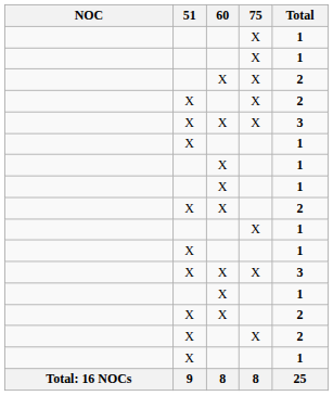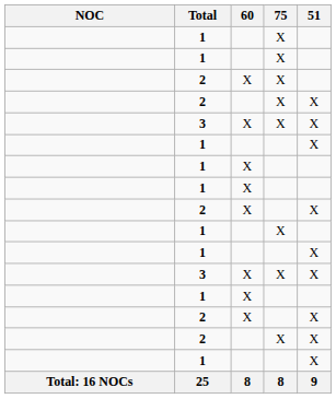 <table class="wikitable" style="text-align:center; font-size:90%">
 <tr>
 <th width=180 align="left">NOC</th>
-<th width=30>51</th>
+<th width=55>Total</th>
 <th width=30>60</th>
 <th width=30>75</th>
-<th width=55>Total</th>
+<th width=30>51</th>
 </tr>
 <tr>
 <td align=left></td>
+<td><strong>1</strong></td>
+<td></td>
+<td>X</td>
+<td></td>
+</tr>
+<tr>
+<td align=left></td>
+<td><strong>1</strong></td>
+<td></td>
+<td>X</td>
+<td></td>
+</tr>
+<tr>
+<td align=left></td>
+<td><strong>2</strong></td>
+<td>X</td>
+<td>X</td>
+<td></td>
+</tr>
+<tr>
+<td align=left></td>
+<td><strong>2</strong></td>
+<td></td>
+<td>X</td>
+<td>X</td>
+</tr>
+<tr>
+<td align=left></td>
+<td><strong>3</strong></td>
+<td>X</td>
+<td>X</td>
+<td>X</td>
+</tr>
+<tr>
+<td align=left></td>
+<td><strong>1</strong></td>
 <td></td>
 <td></td>
 <td>X</td>
-<td><strong>1</strong></td>
 </tr>
 <tr>
 <td align=left></td>
+<td><strong>1</strong></td>
+<td>X</td>
+<td></td>
+<td></td>
+</tr>
+<tr>
+<td align=left></td>
+<td><strong>1</strong></td>
+<td>X</td>
+<td></td>
+<td></td>
+</tr>
+<tr>
+<td align=left></td>
+<td><strong>2</strong></td>
+<td>X</td>
+<td></td>
+<td>X</td>
+</tr>
+<tr>
+<td align=left></td>
+<td><strong>1</strong></td>
+<td></td>
+<td>X</td>
+<td></td>
+</tr>
+<tr>
+<td align=left></td>
+<td><strong>1</strong></td>
 <td></td>
 <td></td>
 <td>X</td>
-<td><strong>1</strong></td>
 </tr>
 <tr>
 <td align=left></td>
+<td><strong>3</strong></td>
+<td>X</td>
+<td>X</td>
+<td>X</td>
+</tr>
+<tr>
+<td align=left></td>
+<td><strong>1</strong></td>
+<td>X</td>
+<td></td>
+<td></td>
+</tr>
+<tr>
+<td align=left></td>
+<td><strong>2</strong></td>
+<td>X</td>
+<td></td>
+<td>X</td>
+</tr>
+<tr>
+<td align=left></td>
+<td><strong>2</strong></td>
 <td></td>
 <td>X</td>
 <td>X</td>
-<td><strong>2</strong></td>
 </tr>
 <tr>
 <td align=left></td>
-<td>X</td>
-<td></td>
-<td>X</td>
-<td><strong>2</strong></td>
-</tr>
-<tr>
-<td align=left></td>
-<td>X</td>
-<td>X</td>
-<td>X</td>
-<td><strong>3</strong></td>
-</tr>
-<tr>
-<td align=left></td>
-<td>X</td>
-<td></td>
-<td></td>
 <td><strong>1</strong></td>
-</tr>
-<tr>
-<td align=left></td>
-<td></td>
-<td>X</td>
-<td></td>
-<td><strong>1</strong></td>
-</tr>
-<tr>
-<td align=left></td>
-<td></td>
-<td>X</td>
-<td></td>
-<td><strong>1</strong></td>
-</tr>
-<tr>
-<td align=left></td>
-<td>X</td>
-<td>X</td>
-<td></td>
-<td><strong>2</strong></td>
-</tr>
-<tr>
-<td align=left></td>
 <td></td>
 <td></td>
 <td>X</td>
-<td><strong>1</strong></td>
-</tr>
-<tr>
-<td align=left></td>
-<td>X</td>
-<td></td>
-<td></td>
-<td><strong>1</strong></td>
-</tr>
-<tr>
-<td align=left></td>
-<td>X</td>
-<td>X</td>
-<td>X</td>
-<td><strong>3</strong></td>
-</tr>
-<tr>
-<td align=left></td>
-<td></td>
-<td>X</td>
-<td></td>
-<td><strong>1</strong></td>
-</tr>
-<tr>
-<td align=left></td>
-<td>X</td>
-<td>X</td>
-<td></td>
-<td><strong>2</strong></td>
-</tr>
-<tr>
-<td align=left></td>
-<td>X</td>
-<td></td>
-<td>X</td>
-<td><strong>2</strong></td>
-</tr>
-<tr>
-<td align=left></td>
-<td>X</td>
-<td></td>
-<td></td>
-<td><strong>1</strong></td>
 </tr>
 <tr>
 <th>Total: 16 NOCs</th>
-<th>9</th>
+<th>25</th>
 <th>8</th>
 <th>8</th>
-<th>25</th>
+<th>9</th>
 </tr>
 </table>
